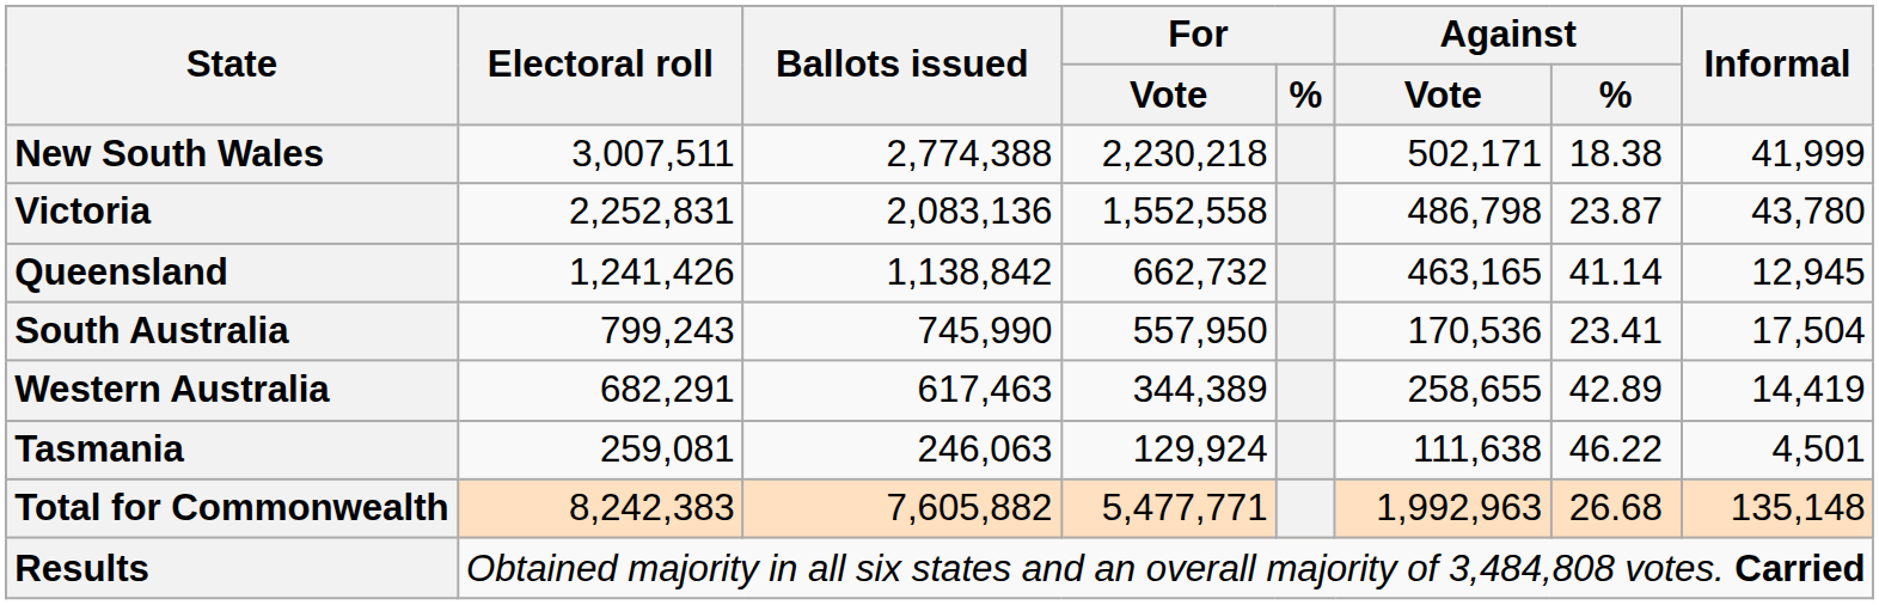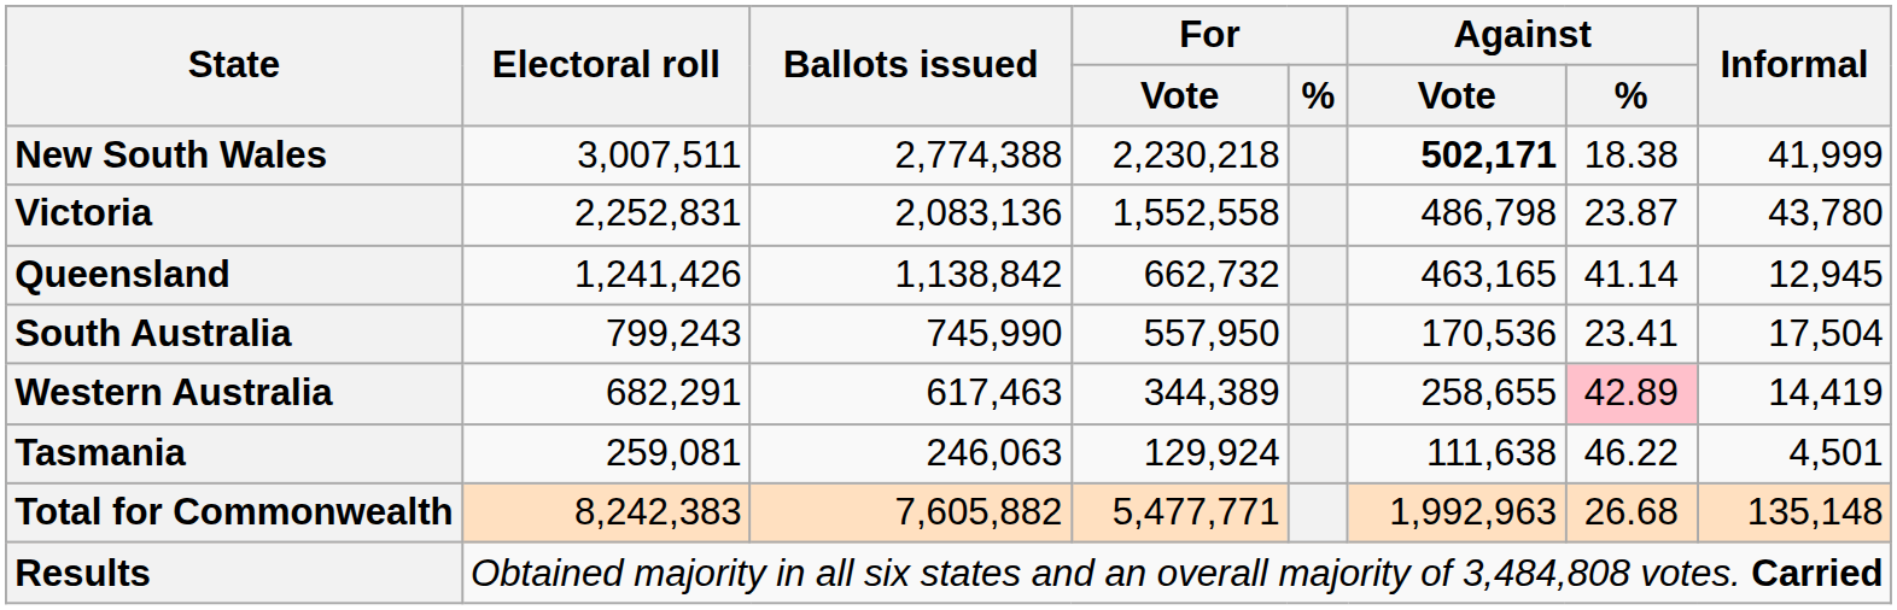 <table class="wikitable">
 <tr align=center>
 <th rowspan="2">State</th>
 <th rowspan="2">Electoral roll</th>
 <th rowspan="2">Ballots issued</th>
 <th align=center colspan="2">For</th>
 <th align=center colspan="2">Against</th>
 <th align=center rowspan="2">Informal</th>
 </tr>
 <tr>
 <th align=center>Vote</th>
 <th align=center>%</th>
 <th align=center>Vote</th>
 <th align=center>%</th>
 </tr>
 <tr align="right">
 <th style="text-align:left;">New South Wales</th>
 <td>3,007,511</td>
 <td>2,774,388</td>
 <td>2,230,218</td>
 <th></th>
-<td>502,171</td>
+<td><strong>502,171</strong></td>
 <td align="center">18.38</td>
 <td>41,999</td>
 </tr>
 <tr align="right">
 <th style="text-align:left;">Victoria</th>
 <td>2,252,831</td>
 <td>2,083,136</td>
 <td>1,552,558</td>
 <th></th>
 <td>486,798</td>
 <td align="center">23.87</td>
 <td>43,780</td>
 </tr>
 <tr align="right">
 <th style="text-align:left;">Queensland</th>
 <td>1,241,426</td>
 <td>1,138,842</td>
 <td>662,732</td>
 <th></th>
 <td>463,165</td>
 <td align="center">41.14</td>
 <td>12,945</td>
 </tr>
 <tr align="right">
 <th style="text-align:left;">South Australia</th>
 <td>799,243</td>
 <td>745,990</td>
 <td>557,950</td>
 <th></th>
 <td>170,536</td>
 <td align="center">23.41</td>
 <td>17,504</td>
 </tr>
 <tr align="right">
 <th style="text-align:left;">Western Australia</th>
 <td>682,291</td>
 <td>617,463</td>
 <td>344,389</td>
 <th></th>
 <td>258,655</td>
-<td align="center">42.89</td>
+<td align="center" style="background: pink;">42.89</td>
 <td>14,419</td>
 </tr>
 <tr align="right">
 <th style="text-align:left;">Tasmania</th>
 <td>259,081</td>
 <td>246,063</td>
 <td>129,924</td>
 <th></th>
 <td>111,638</td>
 <td align="center">46.22</td>
 <td>4,501</td>
 </tr>
 <tr bgcolor="#FFE0C0" align="right">
 <th style="text-align:left">Total for Commonwealth</th>
 <td>8,242,383</td>
 <td>7,605,882</td>
 <td>5,477,771</td>
 <th></th>
 <td>1,992,963</td>
 <td align="center">26.68</td>
 <td>135,148</td>
 </tr>
 <tr>
 <th style="text-align:left;">Results</th>
 <td colSpan="8"><em>Obtained majority in all six states and an overall majority of 3,484,808 votes.</em> <strong>Carried</strong></td>
 </tr>
 </table>
